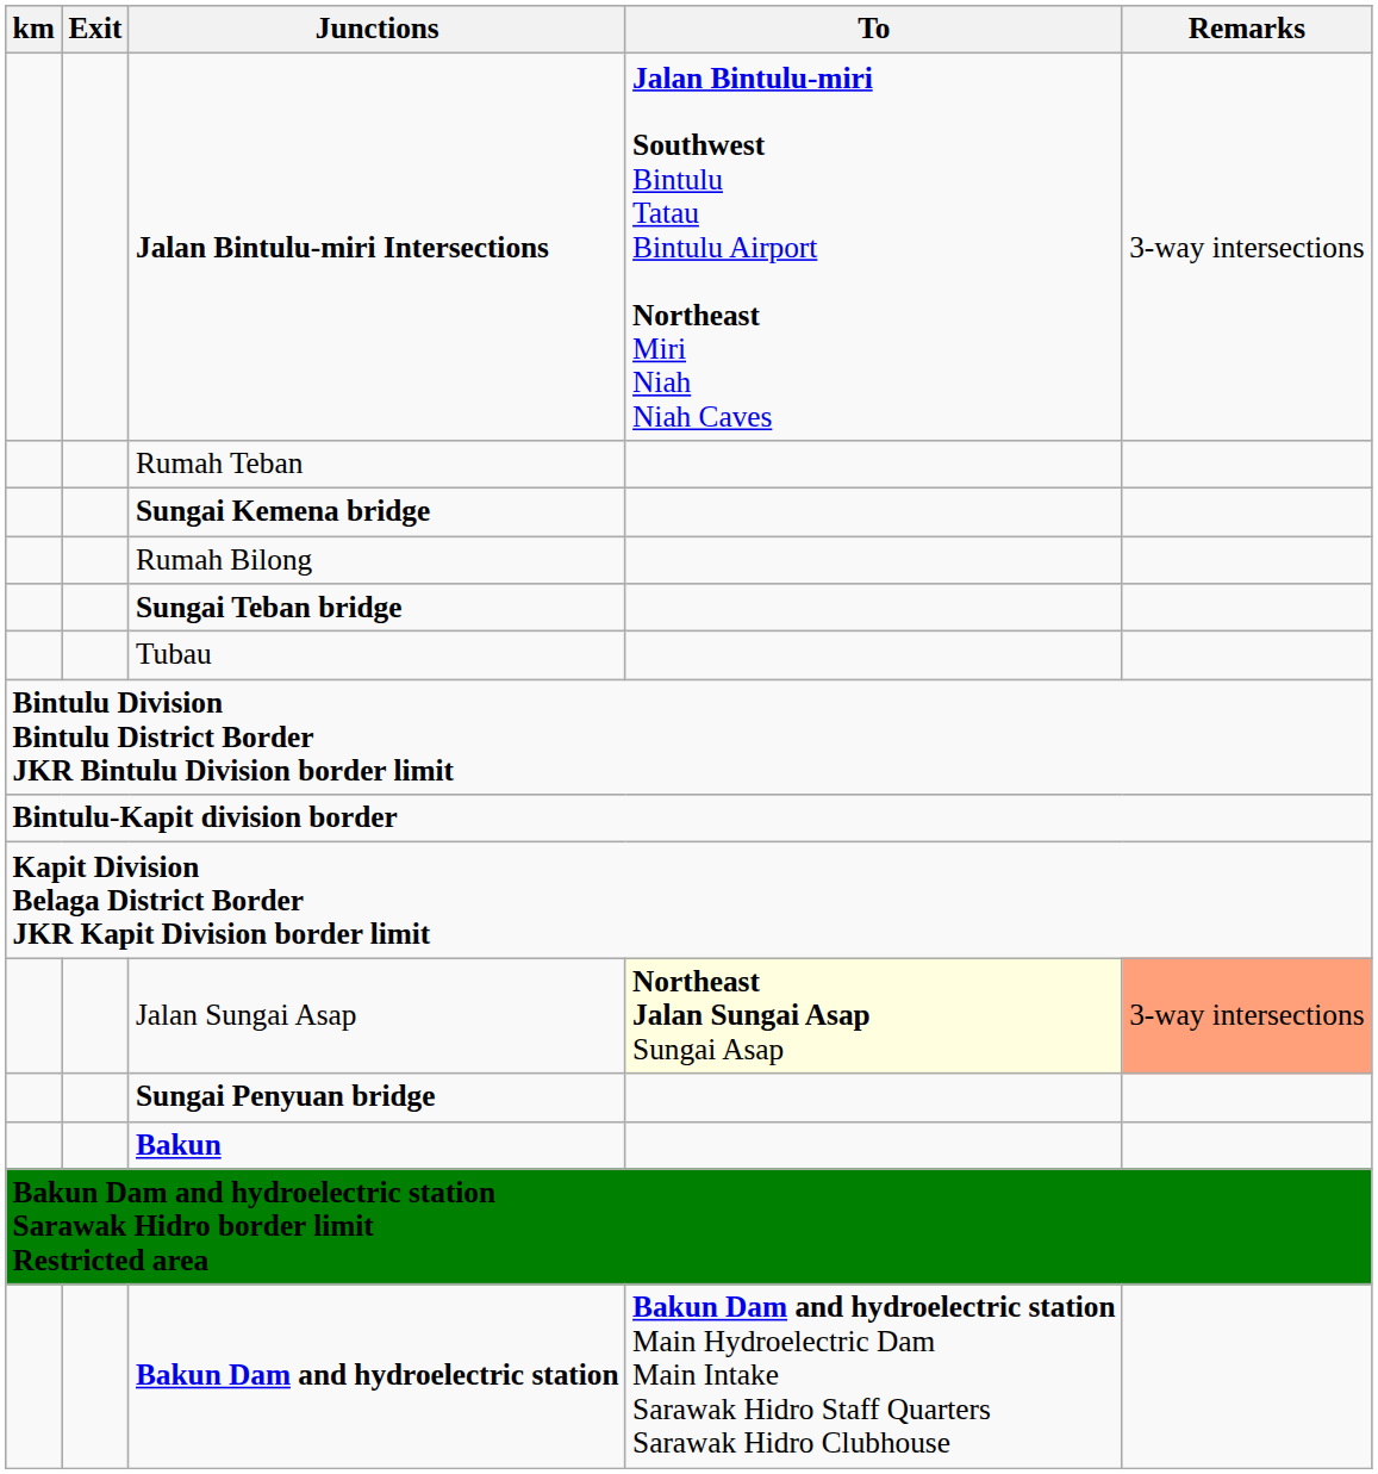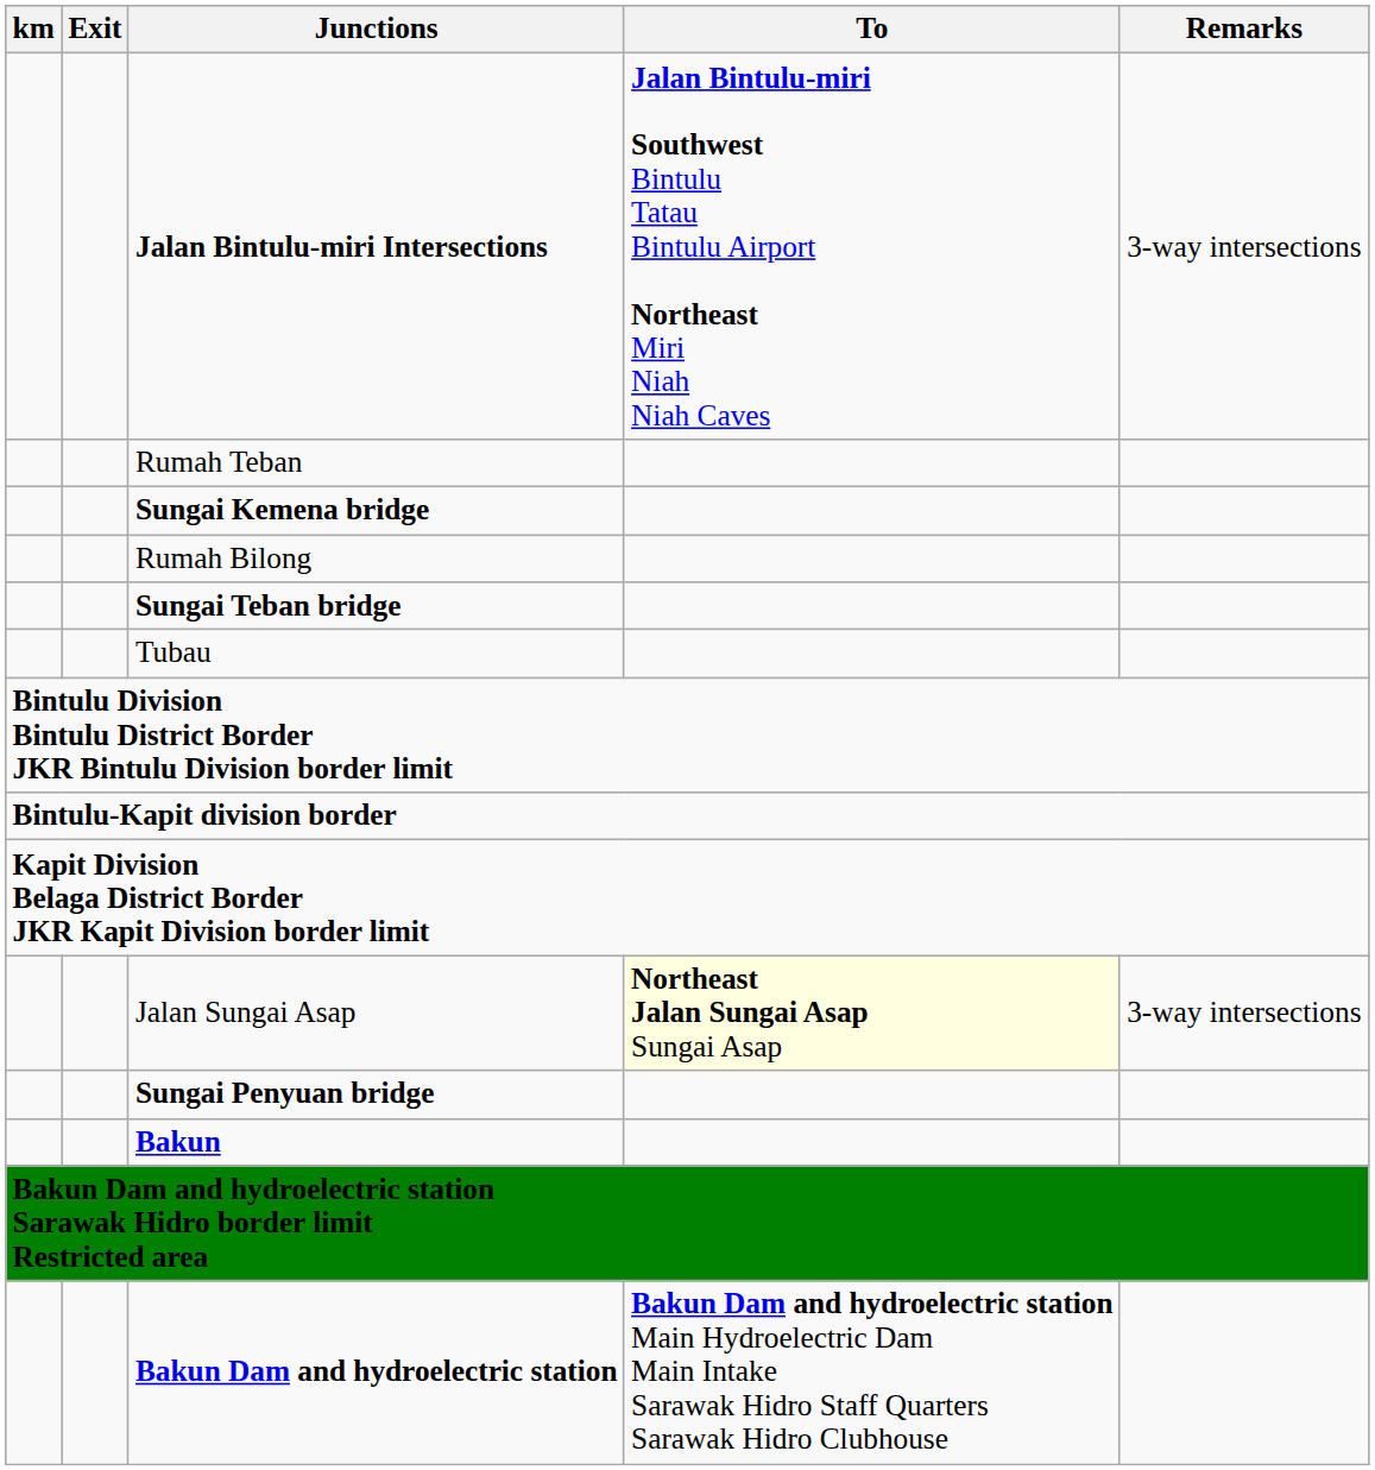 <table class="wikitable">
 <tr>
 <th>km</th>
 <th>Exit</th>
 <th>Junctions</th>
 <th>To</th>
 <th>Remarks</th>
 </tr>
 <tr>
 <td></td>
 <td></td>
 <td><strong>Jalan Bintulu-miri Intersections</strong></td>
 <td>  <strong><a href='#'>Jalan Bintulu-miri</a></strong><br><br><strong>Southwest</strong><br><a href='#'>Bintulu</a><br><a href='#'>Tatau</a><br><a href='#'>Bintulu Airport</a> <br><br><strong>Northeast</strong><br><a href='#'>Miri</a><br><a href='#'>Niah</a><br><a href='#'>Niah Caves</a></td>
 <td>3-way intersections</td>
 </tr>
 <tr>
 <td></td>
 <td></td>
 <td>Rumah Teban</td>
 <td></td>
 <td></td>
 </tr>
 <tr>
 <td></td>
 <td></td>
 <td><strong>Sungai Kemena bridge</strong></td>
 <td></td>
 <td></td>
 </tr>
 <tr>
 <td></td>
 <td></td>
 <td>Rumah Bilong</td>
 <td></td>
 <td></td>
 </tr>
 <tr>
 <td></td>
 <td></td>
 <td><strong>Sungai Teban bridge</strong></td>
 <td></td>
 <td></td>
 </tr>
 <tr>
 <td></td>
 <td></td>
 <td>Tubau</td>
 <td></td>
 <td></td>
 </tr>
 <tr>
 <td style="width:600px" colspan="6" style="text-align:center; background:blue;"><strong><span>Bintulu Division<br>Bintulu District Border<br>JKR Bintulu Division border limit</span></strong></td>
 </tr>
 <tr>
 <td style="width:600px" colspan="6" style="text-align:center; background:yellow;"><strong><span>Bintulu-Kapit division border</span></strong></td>
 </tr>
 <tr>
 <td style="width:600px" colspan="6" style="text-align:center; background:blue;"><strong><span>Kapit Division<br>Belaga District Border<br>JKR Kapit Division border limit</span></strong></td>
 </tr>
 <tr>
 <td></td>
 <td></td>
 <td>Jalan Sungai Asap</td>
 <td style="background: lightyellow;"><strong>Northeast</strong><br><strong>Jalan Sungai Asap</strong><br>Sungai Asap</td>
-<td style="background: lightsalmon;">3-way intersections</td>
+<td>3-way intersections</td>
 </tr>
 <tr>
 <td></td>
 <td></td>
 <td><strong>Sungai Penyuan bridge</strong></td>
 <td></td>
 <td></td>
 </tr>
 <tr>
 <td></td>
 <td></td>
 <td><strong><a href='#'>Bakun</a></strong></td>
 <td></td>
 <td></td>
 </tr>
 <tr>
 <td style="width:600px" colspan="6" style="text-align:center" bgcolor="green"><strong><span>Bakun Dam and hydroelectric station<br>Sarawak Hidro border limit</span></strong><br><strong><span>Restricted area</span></strong></td>
 </tr>
 <tr>
 <td></td>
 <td></td>
 <td><strong><a href='#'>Bakun Dam</a> and hydroelectric station</strong></td>
 <td><strong><a href='#'>Bakun Dam</a> and hydroelectric station</strong><br>Main Hydroelectric Dam<br>Main Intake<br>Sarawak Hidro Staff Quarters<br>Sarawak Hidro Clubhouse</td>
 <td></td>
 </tr>
 </table>
